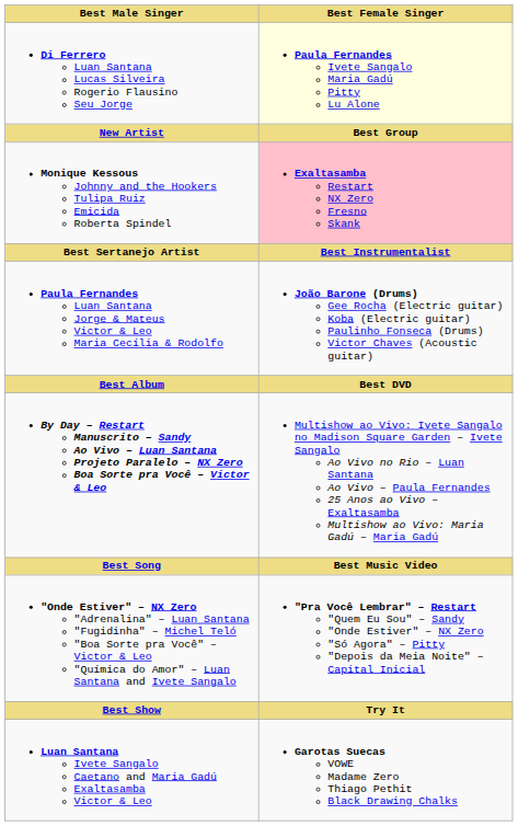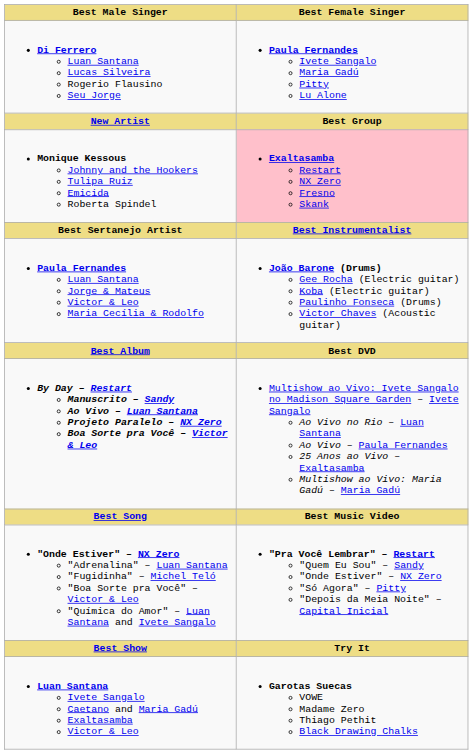 <table class="wikitable" style="width=">
 <tr>
 <th scope="col" width="50%" style="background:#EEDD85;">Best Male Singer</th>
 <th scope="col" width="50%" style="background:#EEDD85;">Best Female Singer</th>
 </tr>
 <tr>
 <td style="vertical-align:top"><br><ul><li><strong><a href='#'>Di Ferrero</a></strong><ul><li><a href='#'>Luan Santana</a></li><li><a href='#'>Lucas Silveira</a></li><li>Rogerio Flausino</li><li><a href='#'>Seu Jorge</a></li></ul></li></ul></td>
-<td style="background: lightyellow; vertical-align:top"><br><ul><li><strong><a href='#'>Paula Fernandes</a></strong><ul><li><a href='#'>Ivete Sangalo</a></li><li><a href='#'>Maria Gadú</a></li><li><a href='#'>Pitty</a></li><li><a href='#'>Lu Alone</a></li></ul></li></ul></td>
+<td style="vertical-align:top"><br><ul><li><strong><a href='#'>Paula Fernandes</a></strong><ul><li><a href='#'>Ivete Sangalo</a></li><li><a href='#'>Maria Gadú</a></li><li><a href='#'>Pitty</a></li><li><a href='#'>Lu Alone</a></li></ul></li></ul></td>
 </tr>
 <tr>
 <th scope="col" width="50%" style="background:#EEDD85;"><a href='#'>New Artist</a></th>
 <th scope="col" width="50%" style="background:#EEDD85;">Best Group</th>
 </tr>
 <tr>
 <td style="vertical-align:top"><br><ul><li><strong>Monique Kessous</strong><ul><li><a href='#'>Johnny and the Hookers</a></li><li><a href='#'>Tulipa Ruiz</a></li><li><a href='#'>Emicida</a></li><li>Roberta Spindel</li></ul></li></ul></td>
 <td style="background: pink; vertical-align:top"><br><ul><li><strong><a href='#'>Exaltasamba</a></strong><ul><li><a href='#'>Restart</a></li><li><a href='#'>NX Zero</a></li><li><a href='#'>Fresno</a></li><li><a href='#'>Skank</a></li></ul></li></ul></td>
 </tr>
 <tr>
 <th scope="col" width="50%" style="background:#EEDD85;">Best Sertanejo Artist</th>
 <th scope="col" width="50%" style="background:#EEDD85;"><a href='#'>Best Instrumentalist</a></th>
 </tr>
 <tr>
 <td style="vertical-align:top"><br><ul><li><strong><a href='#'>Paula Fernandes</a></strong><ul><li><a href='#'>Luan Santana</a></li><li><a href='#'>Jorge & Mateus</a></li><li><a href='#'>Victor & Leo</a></li><li><a href='#'>Maria Cecília & Rodolfo</a></li></ul></li></ul></td>
 <td style="vertical-align:top"><br><ul><li><strong><a href='#'>João Barone</a> (Drums)</strong><ul><li><a href='#'>Gee Rocha</a> (Electric guitar)</li><li><a href='#'>Koba</a> (Electric guitar)</li><li><a href='#'>Paulinho Fonseca</a> (Drums)</li><li><a href='#'>Victor Chaves</a> (Acoustic guitar)</li></ul></li></ul></td>
 </tr>
 <tr>
 <th scope="col" width="50%" style="background:#EEDD85;"><a href='#'>Best Album</a></th>
 <th scope="col" width="50%" style="background:#EEDD85;">Best DVD</th>
 </tr>
 <tr>
 <td style="vertical-align:top"><br><ul><li><strong><em>By Day<em> – <a href='#'>Restart</a><strong><ul><li></em>Manuscrito<em> – <a href='#'>Sandy</a></li><li></em>Ao Vivo<em> – <a href='#'>Luan Santana</a></li><li></em>Projeto Paralelo<em> – <a href='#'>NX Zero</a></li><li></em>Boa Sorte pra Você<em> – <a href='#'>Victor & Leo</a></li></ul></li></ul></td>
 <td style="vertical-align:top"><br><ul><li></em></strong><a href='#'>Multishow ao Vivo: Ivete Sangalo no Madison Square Garden</a></em> – <a href='#'>Ivete Sangalo</a></strong><ul><li><em>Ao Vivo no Rio</em> – <a href='#'>Luan Santana</a></li><li><em>Ao Vivo</em> – <a href='#'>Paula Fernandes</a></li><li><em>25 Anos ao Vivo</em> – <a href='#'>Exaltasamba</a></li><li><em>Multishow ao Vivo: Maria Gadú</em> – <a href='#'>Maria Gadú</a></li></ul></li></ul></td>
 </tr>
 <tr>
 <th scope="col" width="50%" style="background:#EEDD85;"><a href='#'>Best Song</a></th>
 <th scope="col" width="50%" style="background:#EEDD85;">Best Music Video</th>
 </tr>
 <tr>
 <td style="vertical-align:top"><br><ul><li><strong>"Onde Estiver" – <a href='#'>NX Zero</a></strong><ul><li>"Adrenalina" – <a href='#'>Luan Santana</a></li><li>"Fugidinha" – <a href='#'>Michel Teló</a></li><li>"Boa Sorte pra Você" – <a href='#'>Victor & Leo</a></li><li>"Química do Amor" – <a href='#'>Luan Santana</a> and <a href='#'>Ivete Sangalo</a></li></ul></li></ul></td>
 <td style="vertical-align:top"><br><ul><li><strong>"Pra Você Lembrar" – <a href='#'>Restart</a></strong><ul><li>"Quem Eu Sou" – <a href='#'>Sandy</a></li><li>"Onde Estiver" – <a href='#'>NX Zero</a></li><li>"Só Agora" – <a href='#'>Pitty</a></li><li>"Depois da Meia Noite" – <a href='#'>Capital Inicial</a></li></ul></li></ul></td>
 </tr>
 <tr>
 <th scope="col" width="50%" style="background:#EEDD85;"><a href='#'>Best Show</a></th>
 <th scope="col" width="50%" style="background:#EEDD85;">Try It</th>
 </tr>
 <tr>
 <td style="vertical-align:top"><br><ul><li><strong><a href='#'>Luan Santana</a></strong><ul><li><a href='#'>Ivete Sangalo</a></li><li><a href='#'>Caetano</a> and <a href='#'>Maria Gadú</a></li><li><a href='#'>Exaltasamba</a></li><li><a href='#'>Victor & Leo</a></li></ul></li></ul></td>
 <td style="vertical-align:top"><br><ul><li><strong>Garotas Suecas</strong><ul><li>VOWE</li><li>Madame Zero</li><li>Thiago Pethit</li><li><a href='#'>Black Drawing Chalks</a></li></ul></li></ul></td>
 </tr>
 </table>
